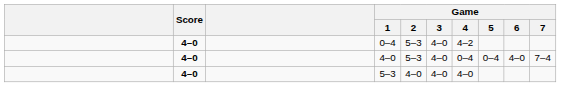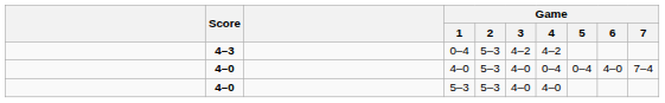 <table class="wikitable" style="text-align: center;">
 <tr>
 <th rowspan=2 align="right" width="270"></th>
 <th rowspan=2 width="45">Score</th>
 <th rowspan=2 align="left" width="270"></th>
 <th colspan=7>Game</th>
 </tr>
 <tr>
 <th width="35">1</th>
 <th width="35">2</th>
 <th width="35">3</th>
 <th width="35">4</th>
 <th width="35">5</th>
 <th width="35">6</th>
 <th width="35">7</th>
 </tr>
 <tr>
 <td align=left><strong></strong></td>
-<td align=center><strong>4–0</strong></td>
+<td align=center><strong>4–3</strong></td>
 <td align=left></td>
 <td>0–4</td>
 <td>5–3</td>
-<td>4–0</td>
+<td>4–2</td>
 <td>4–2</td>
 <td></td>
 <td></td>
 <td></td>
 </tr>
 <tr>
 <td align=left><strong></strong></td>
 <td align=center><strong>4–0</strong></td>
 <td align=left></td>
 <td>4–0</td>
 <td>5–3</td>
 <td>4–0</td>
 <td>0–4</td>
 <td>0–4</td>
 <td>4–0</td>
 <td>7–4</td>
 </tr>
 <tr>
 <td align=left><strong></strong></td>
 <td align=center><strong>4–0</strong></td>
 <td align=left></td>
 <td>5–3</td>
-<td>4–0</td>
+<td>5–3</td>
 <td>4–0</td>
 <td>4–0</td>
 <td></td>
 <td></td>
 <td></td>
 </tr>
 </table>
